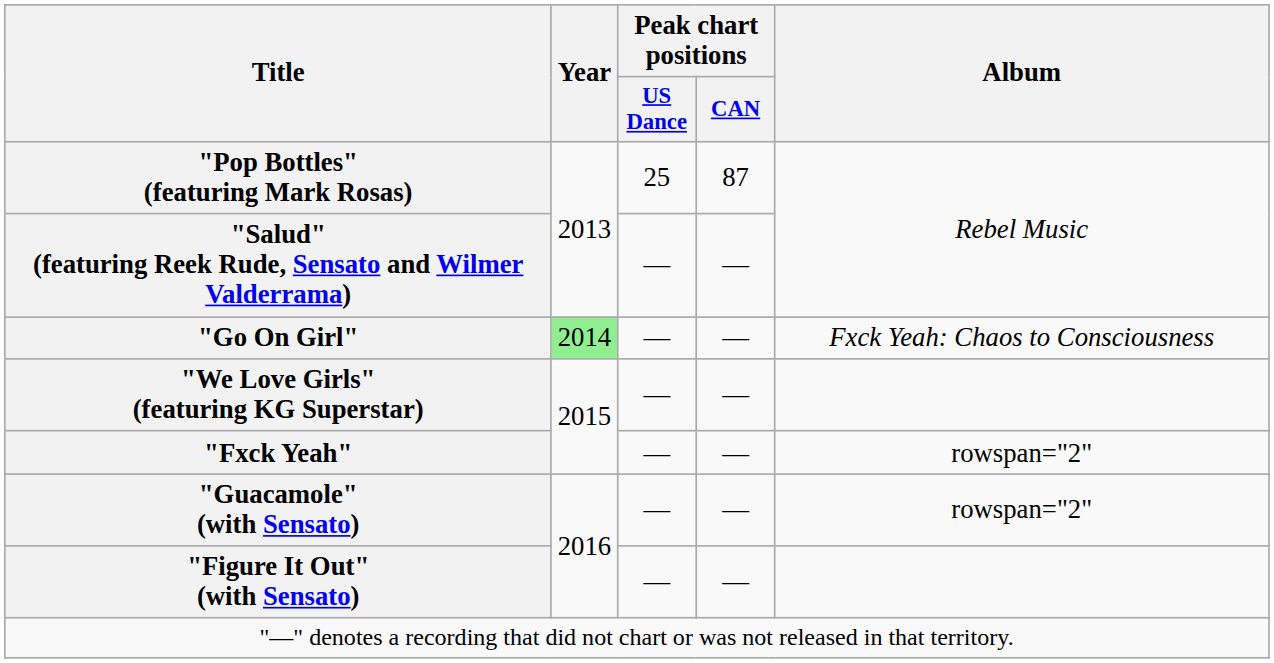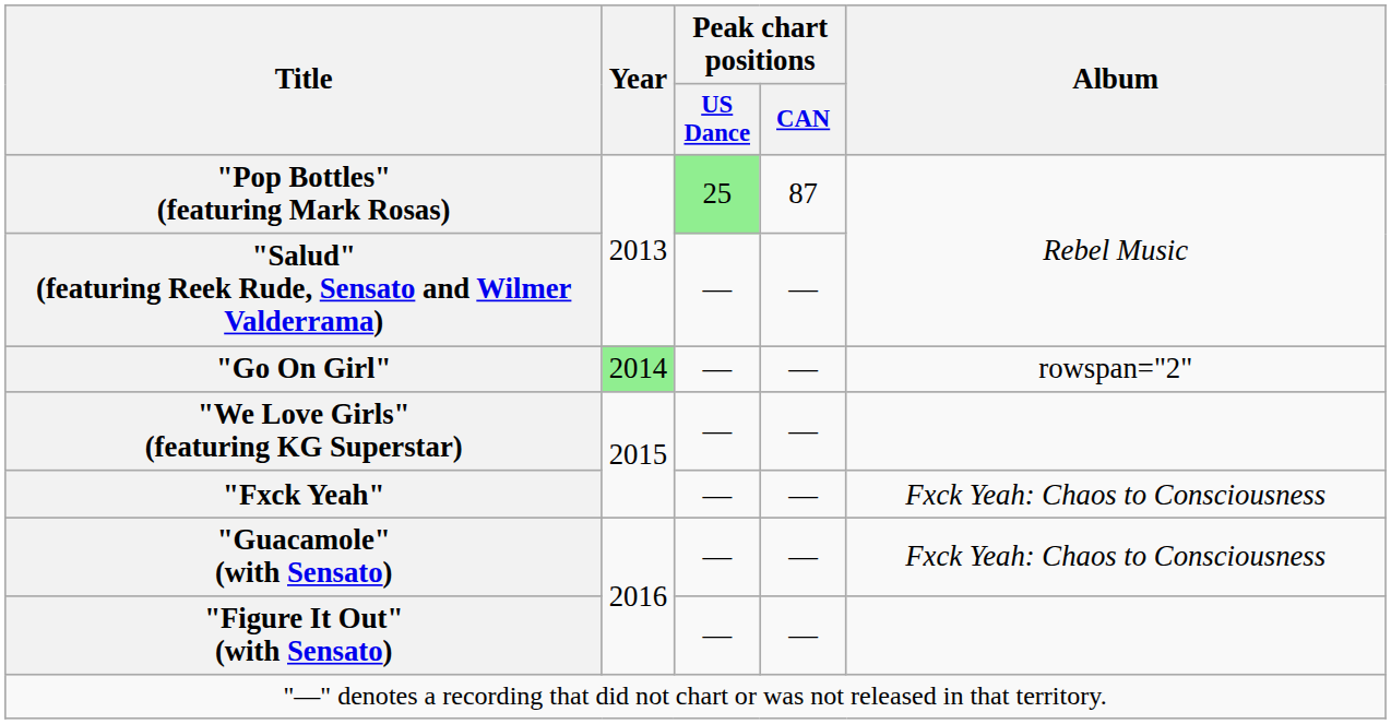 <table class="wikitable plainrowheaders" style="text-align:center;" border="1">
 <tr>
 <th scope="col" rowspan="2" style="width:20em;">Title</th>
 <th scope="col" rowspan="2" style="width:1em;">Year</th>
 <th scope="col" colspan="2">Peak chart positions</th>
 <th scope="col" rowspan="2" style="width:18em;">Album</th>
 </tr>
 <tr>
 <th scope="col" style="width:3em;font-size:85%;"><a href='#'>US Dance</a></th>
 <th scope="col" style="width:3em;font-size:85%;"><a href='#'>CAN</a></th>
 </tr>
 <tr>
 <th scope="row">"Pop Bottles"<br><span>(featuring Mark Rosas)</span></th>
 <td rowspan="2">2013</td>
-<td>25</td>
+<td style="background: lightgreen;">25</td>
 <td>87</td>
 <td rowspan="2"><em>Rebel Music</em></td>
 </tr>
 <tr>
 <th scope="row">"Salud"<br><span>(featuring Reek Rude, <a href='#'>Sensato</a> and <a href='#'>Wilmer Valderrama</a>)</span></th>
 <td>—</td>
 <td>—</td>
 </tr>
 <tr>
 <th scope="row">"Go On Girl"</th>
 <td style="background: lightgreen;">2014</td>
 <td>—</td>
 <td>—</td>
-<td><em>Fxck Yeah: Chaos to Consciousness</em></td>
+<td>rowspan="2" </td>
 </tr>
 <tr>
 <th scope="row">"We Love Girls"<br><span>(featuring KG Superstar)</span></th>
 <td rowspan="2">2015</td>
 <td>—</td>
 <td>—</td>
 </tr>
 <tr>
 <th scope="row">"Fxck Yeah"</th>
 <td>—</td>
 <td>—</td>
-<td>rowspan="2" </td>
+<td><em>Fxck Yeah: Chaos to Consciousness</em></td>
 </tr>
 <tr>
 <th scope="row">"Guacamole"<br><span>(with <a href='#'>Sensato</a>)</span></th>
 <td rowspan="2">2016</td>
 <td>—</td>
 <td>—</td>
-<td>rowspan="2" </td>
+<td><em>Fxck Yeah: Chaos to Consciousness</em></td>
 </tr>
 <tr>
 <th scope="row">"Figure It Out"<br><span>(with <a href='#'>Sensato</a>)</span></th>
 <td>—</td>
 <td>—</td>
 </tr>
 <tr>
 <td colspan="5" style="font-size:90%">"—" denotes a recording that did not chart or was not released in that territory.</td>
 </tr>
 </table>
